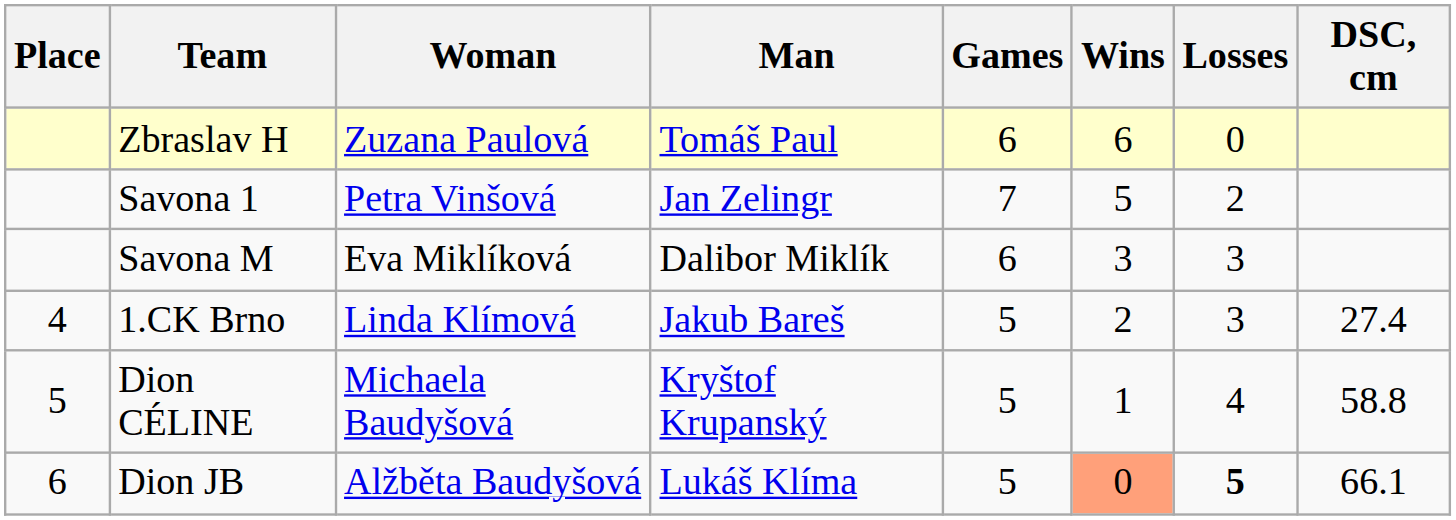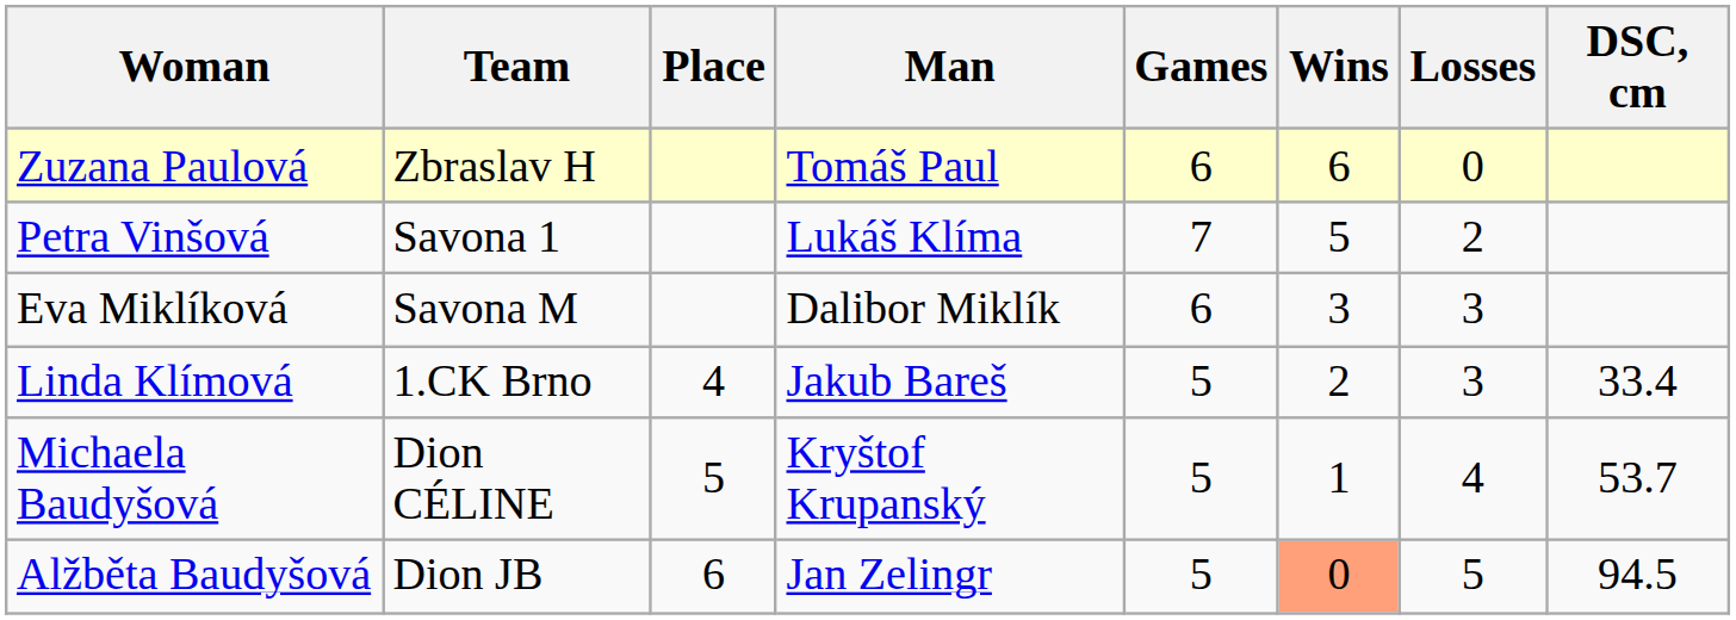 <table class="wikitable" style="text-align:center;">
 <tr>
+<th>Woman</th>
+<th>Team</th>
 <th>Place</th>
-<th>Team</th>
-<th>Woman</th>
 <th>Man</th>
 <th>Games</th>
 <th>Wins</th>
 <th>Losses</th>
 <th>DSC, cm</th>
 </tr>
 <tr style="background:#ffc;">
+<td align=left><a href='#'>Zuzana Paulová</a></td>
+<td align=left>Zbraslav H</td>
 <td></td>
-<td align=left>Zbraslav H</td>
-<td align=left><a href='#'>Zuzana Paulová</a></td>
 <td align=left><a href='#'>Tomáš Paul</a></td>
 <td>6</td>
 <td>6</td>
 <td>0</td>
 <td></td>
 </tr>
 <tr>
+<td align=left><a href='#'>Petra Vinšová</a></td>
+<td align=left>Savona 1</td>
 <td></td>
-<td align=left>Savona 1</td>
-<td align=left><a href='#'>Petra Vinšová</a></td>
-<td align=left><a href='#'>Jan Zelingr</a></td>
+<td align=left><a href='#'>Lukáš Klíma</a></td>
 <td>7</td>
 <td>5</td>
 <td>2</td>
 <td></td>
 </tr>
 <tr>
+<td align=left>Eva Miklíková</td>
+<td align=left>Savona M</td>
 <td></td>
-<td align=left>Savona M</td>
-<td align=left>Eva Miklíková</td>
 <td align=left>Dalibor Miklík</td>
 <td>6</td>
 <td>3</td>
 <td>3</td>
 <td></td>
 </tr>
 <tr>
+<td align=left><a href='#'>Linda Klímová</a></td>
+<td align=left>1.CK Brno</td>
 <td>4</td>
-<td align=left>1.CK Brno</td>
-<td align=left><a href='#'>Linda Klímová</a></td>
 <td align=left><a href='#'>Jakub Bareš</a></td>
 <td>5</td>
 <td>2</td>
 <td>3</td>
-<td>27.4</td>
+<td>33.4</td>
 </tr>
 <tr>
+<td align=left><a href='#'>Michaela Baudyšová</a></td>
+<td align=left>Dion CÉLINE</td>
 <td>5</td>
-<td align=left>Dion CÉLINE</td>
-<td align=left><a href='#'>Michaela Baudyšová</a></td>
 <td align=left><a href='#'>Kryštof Krupanský</a></td>
 <td>5</td>
 <td>1</td>
 <td>4</td>
-<td>58.8</td>
+<td>53.7</td>
 </tr>
 <tr>
+<td align=left><a href='#'>Alžběta Baudyšová</a></td>
+<td align=left>Dion JB</td>
 <td>6</td>
-<td align=left>Dion JB</td>
-<td align=left><a href='#'>Alžběta Baudyšová</a></td>
-<td align=left><a href='#'>Lukáš Klíma</a></td>
+<td align=left><a href='#'>Jan Zelingr</a></td>
 <td>5</td>
 <td style="background: lightsalmon;">0</td>
-<td><strong>5</strong></td>
-<td>66.1</td>
+<td>5</td>
+<td>94.5</td>
 </tr>
 </table>
